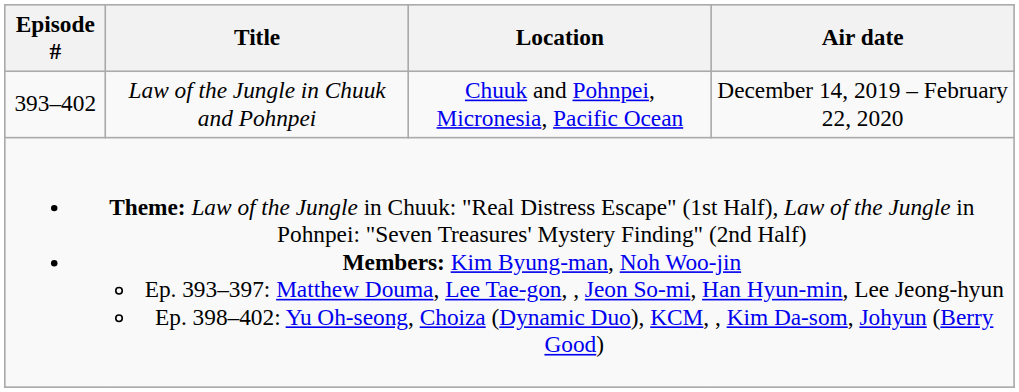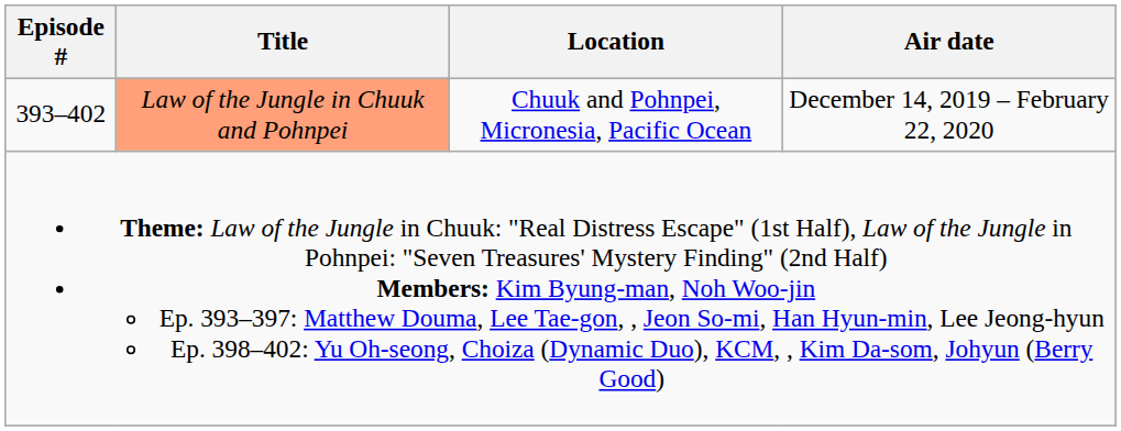 <table class="wikitable" style="text-align:center; font-size:90%; width:100%;">
 <tr>
 <th width="10%">Episode #</th>
 <th width="30%">Title</th>
 <th width="30%">Location</th>
 <th width="30%">Air date</th>
 </tr>
 <tr>
 <td>393–402</td>
-<td><em>Law of the Jungle in Chuuk and Pohnpei</em></td>
+<td style="background: lightsalmon;"><em>Law of the Jungle in Chuuk and Pohnpei</em></td>
 <td><a href='#'>Chuuk</a> and <a href='#'>Pohnpei</a>, <a href='#'>Micronesia</a>, <a href='#'>Pacific Ocean</a></td>
 <td>December 14, 2019 – February 22, 2020</td>
 </tr>
 <tr>
 <td colspan="4"><br><ul><li><strong>Theme:</strong> <em>Law of the Jungle</em> in Chuuk: "Real Distress Escape" (1st Half), <em>Law of the Jungle</em> in Pohnpei: "Seven Treasures' Mystery Finding" (2nd Half)</li><li><strong>Members:</strong> <a href='#'>Kim Byung-man</a>, <a href='#'>Noh Woo-jin</a><ul><li>Ep. 393–397: <a href='#'>Matthew Douma</a>, <a href='#'>Lee Tae-gon</a>, , <a href='#'>Jeon So-mi</a>, <a href='#'>Han Hyun-min</a>, Lee Jeong-hyun</li><li>Ep. 398–402: <a href='#'>Yu Oh-seong</a>, <a href='#'>Choiza</a> (<a href='#'>Dynamic Duo</a>), <a href='#'>KCM</a>, , <a href='#'>Kim Da-som</a>, <a href='#'>Johyun</a> (<a href='#'>Berry Good</a>)</li></ul></li></ul></td>
 </tr>
 </table>
